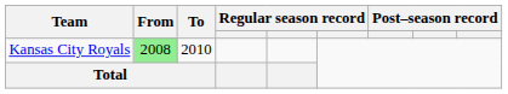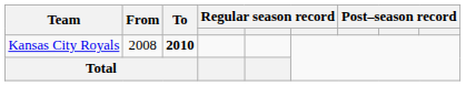 <table class="wikitable" Style="text-align: center;font-size:90%">
 <tr>
 <th rowspan="2">Team</th>
 <th rowspan="2">From</th>
 <th rowspan="2">To</th>
 <th colspan="3">Regular season record</th>
 <th colspan="3">Post–season record</th>
 </tr>
 <tr>
 <th></th>
 <th></th>
 <th></th>
 <th></th>
 <th></th>
 <th></th>
 </tr>
 <tr>
 <td><a href='#'>Kansas City Royals</a></td>
-<td style="background: lightgreen;">2008</td>
-<td>2010</td>
+<td>2008</td>
+<td><strong>2010</strong></td>
 <td></td>
 <td></td>
 </tr>
 <tr>
 <th colspan="3">Total</th>
 <th></th>
 <th></th>
 </tr>
 </table>
